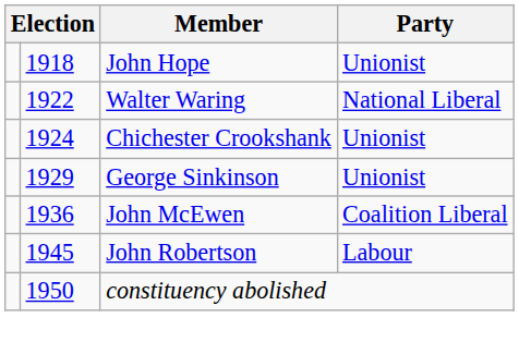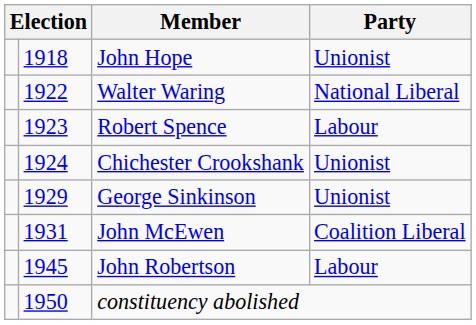 <table class="wikitable">
 <tr>
 <th colspan="2">Election</th>
 <th>Member</th>
 <th>Party</th>
 </tr>
 <tr>
 <td style="color:inherit;background-color: "></td>
 <td><a href='#'>1918</a></td>
 <td><a href='#'>John Hope</a></td>
 <td><a href='#'>Unionist</a></td>
 </tr>
 <tr>
 <td style="color:inherit;background-color: "></td>
 <td><a href='#'>1922</a></td>
 <td><a href='#'>Walter Waring</a></td>
 <td><a href='#'>National Liberal</a></td>
 </tr>
 <tr>
 <td style="color:inherit;background-color: "></td>
+<td><a href='#'>1923</a></td>
+<td><a href='#'>Robert Spence</a></td>
+<td><a href='#'>Labour</a></td>
+</tr>
+<tr>
+<td style="color:inherit;background-color: "></td>
 <td><a href='#'>1924</a></td>
 <td><a href='#'>Chichester Crookshank</a></td>
 <td><a href='#'>Unionist</a></td>
 </tr>
 <tr>
 <td style="color:inherit;background-color: "></td>
 <td><a href='#'>1929</a></td>
 <td><a href='#'>George Sinkinson</a></td>
 <td><a href='#'>Unionist</a></td>
 </tr>
 <tr>
 <td style="color:inherit;background-color: "></td>
-<td><a href='#'>1936</a></td>
+<td><a href='#'>1931</a></td>
 <td><a href='#'>John McEwen</a></td>
 <td><a href='#'>Coalition Liberal</a></td>
 </tr>
 <tr>
 <td style="color:inherit;background-color: "></td>
 <td><a href='#'>1945</a></td>
 <td><a href='#'>John Robertson</a></td>
 <td><a href='#'>Labour</a></td>
 </tr>
 <tr>
 <td></td>
 <td><a href='#'>1950</a></td>
 <td colspan="2"><em>constituency abolished</em></td>
 </tr>
 </table>
